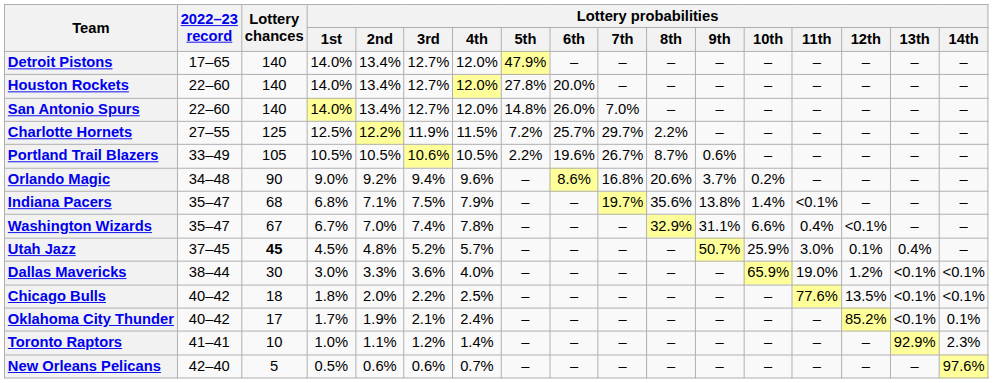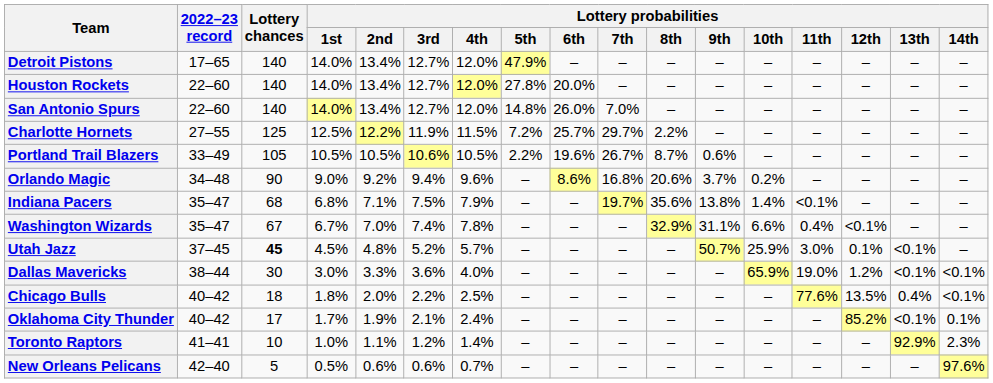 <table class="wikitable plainrowheaders" style="text-align:center">
 <tr>
 <th scope="col" rowspan="2">Team</th>
 <th scope="col" rowspan="2"><a href='#'>2022–23<br>record</a></th>
 <th scope="col" rowspan="2">Lottery<br>chances</th>
 <th scope="col" colspan="14">Lottery probabilities</th>
 </tr>
 <tr>
 <th>1st</th>
 <th>2nd</th>
 <th>3rd</th>
 <th>4th</th>
 <th>5th</th>
 <th>6th</th>
 <th>7th</th>
 <th>8th</th>
 <th>9th</th>
 <th>10th</th>
 <th>11th</th>
 <th>12th</th>
 <th>13th</th>
 <th>14th</th>
 </tr>
 <tr>
 <th scope="row" style="text-align:left;"><a href='#'>Detroit Pistons</a></th>
 <td>17–65</td>
 <td>140</td>
 <td>14.0%</td>
 <td>13.4%</td>
 <td>12.7%</td>
 <td>12.0%</td>
 <td style="background:#ff9;">47.9%</td>
 <td>–</td>
 <td>–</td>
 <td>–</td>
 <td>–</td>
 <td>–</td>
 <td>–</td>
 <td>–</td>
 <td>–</td>
 <td>–</td>
 </tr>
 <tr>
 <th scope="row" style="text-align:left;"><a href='#'>Houston Rockets</a></th>
 <td>22–60</td>
 <td>140</td>
 <td>14.0%</td>
 <td>13.4%</td>
 <td>12.7%</td>
 <td style="background:#ff9;">12.0%</td>
 <td>27.8%</td>
 <td>20.0%</td>
 <td>–</td>
 <td>–</td>
 <td>–</td>
 <td>–</td>
 <td>–</td>
 <td>–</td>
 <td>–</td>
 <td>–</td>
 </tr>
 <tr>
 <th scope="row" style="text-align:left;"><a href='#'>San Antonio Spurs</a></th>
 <td>22–60</td>
 <td>140</td>
 <td style="background:#ff9;">14.0%</td>
 <td>13.4%</td>
 <td>12.7%</td>
 <td>12.0%</td>
 <td>14.8%</td>
 <td>26.0%</td>
 <td>7.0%</td>
 <td>–</td>
 <td>–</td>
 <td>–</td>
 <td>–</td>
 <td>–</td>
 <td>–</td>
 <td>–</td>
 </tr>
 <tr>
 <th scope="row" style="text-align:left;"><a href='#'>Charlotte Hornets</a></th>
 <td>27–55</td>
 <td>125</td>
 <td>12.5%</td>
 <td style="background:#ff9;">12.2%</td>
 <td>11.9%</td>
 <td>11.5%</td>
 <td>7.2%</td>
 <td>25.7%</td>
 <td>29.7%</td>
 <td>2.2%</td>
 <td>–</td>
 <td>–</td>
 <td>–</td>
 <td>–</td>
 <td>–</td>
 <td>–</td>
 </tr>
 <tr>
 <th scope="row" style="text-align:left;"><a href='#'>Portland Trail Blazers</a></th>
 <td>33–49</td>
 <td>105</td>
 <td>10.5%</td>
 <td>10.5%</td>
 <td style="background:#ff9;">10.6%</td>
 <td>10.5%</td>
 <td>2.2%</td>
 <td>19.6%</td>
 <td>26.7%</td>
 <td>8.7%</td>
 <td>0.6%</td>
 <td>–</td>
 <td>–</td>
 <td>–</td>
 <td>–</td>
 <td>–</td>
 </tr>
 <tr>
 <th scope="row" style="text-align:left;"><a href='#'>Orlando Magic</a></th>
 <td>34–48</td>
 <td>90</td>
 <td>9.0%</td>
 <td>9.2%</td>
 <td>9.4%</td>
 <td>9.6%</td>
 <td>–</td>
 <td style="background:#ff9;">8.6%</td>
 <td>16.8%</td>
 <td>20.6%</td>
 <td>3.7%</td>
 <td>0.2%</td>
 <td>–</td>
 <td>–</td>
 <td>–</td>
 <td>–</td>
 </tr>
 <tr>
 <th scope="row" style="text-align:left;"><a href='#'>Indiana Pacers</a></th>
 <td>35–47</td>
 <td>68</td>
 <td>6.8%</td>
 <td>7.1%</td>
 <td>7.5%</td>
 <td>7.9%</td>
 <td>–</td>
 <td>–</td>
 <td style="background:#ff9;">19.7%</td>
 <td>35.6%</td>
 <td>13.8%</td>
 <td>1.4%</td>
 <td><0.1%</td>
 <td>–</td>
 <td>–</td>
 <td>–</td>
 </tr>
 <tr>
 <th scope="row" style="text-align:left;"><a href='#'>Washington Wizards</a></th>
 <td>35–47</td>
 <td>67</td>
 <td>6.7%</td>
 <td>7.0%</td>
 <td>7.4%</td>
 <td>7.8%</td>
 <td>–</td>
 <td>–</td>
 <td>–</td>
 <td style="background:#ff9;">32.9%</td>
 <td>31.1%</td>
 <td>6.6%</td>
 <td>0.4%</td>
 <td><0.1%</td>
 <td>–</td>
 <td>–</td>
 </tr>
 <tr>
 <th scope="row" style="text-align:left;"><a href='#'>Utah Jazz</a></th>
 <td>37–45</td>
 <td><strong>45</strong></td>
 <td>4.5%</td>
 <td>4.8%</td>
 <td>5.2%</td>
 <td>5.7%</td>
 <td>–</td>
 <td>–</td>
 <td>–</td>
 <td>–</td>
 <td style="background:#ff9;">50.7%</td>
 <td>25.9%</td>
 <td>3.0%</td>
 <td>0.1%</td>
-<td>0.4%</td>
+<td><0.1%</td>
 <td>–</td>
 </tr>
 <tr>
 <th scope="row" style="text-align:left;"><a href='#'>Dallas Mavericks</a></th>
 <td>38–44</td>
 <td>30</td>
 <td>3.0%</td>
 <td>3.3%</td>
 <td>3.6%</td>
 <td>4.0%</td>
 <td>–</td>
 <td>–</td>
 <td>–</td>
 <td>–</td>
 <td>–</td>
 <td style="background:#ff9;">65.9%</td>
 <td>19.0%</td>
 <td>1.2%</td>
 <td><0.1%</td>
 <td><0.1%</td>
 </tr>
 <tr>
 <th scope="row" style="text-align:left;"><a href='#'>Chicago Bulls</a></th>
 <td>40–42</td>
 <td>18</td>
 <td>1.8%</td>
 <td>2.0%</td>
 <td>2.2%</td>
 <td>2.5%</td>
 <td>–</td>
 <td>–</td>
 <td>–</td>
 <td>–</td>
 <td>–</td>
 <td>–</td>
 <td style="background:#ff9;">77.6%</td>
 <td>13.5%</td>
-<td><0.1%</td>
+<td>0.4%</td>
 <td><0.1%</td>
 </tr>
 <tr>
 <th scope="row" style="text-align:left;"><a href='#'>Oklahoma City Thunder</a></th>
 <td>40–42</td>
 <td>17</td>
 <td>1.7%</td>
 <td>1.9%</td>
 <td>2.1%</td>
 <td>2.4%</td>
 <td>–</td>
 <td>–</td>
 <td>–</td>
 <td>–</td>
 <td>–</td>
 <td>–</td>
 <td>–</td>
 <td style="background:#ff9;">85.2%</td>
 <td><0.1%</td>
 <td>0.1%</td>
 </tr>
 <tr>
 <th scope="row" style="text-align:left;"><a href='#'>Toronto Raptors</a></th>
 <td>41–41</td>
 <td>10</td>
 <td>1.0%</td>
 <td>1.1%</td>
 <td>1.2%</td>
 <td>1.4%</td>
 <td>–</td>
 <td>–</td>
 <td>–</td>
 <td>–</td>
 <td>–</td>
 <td>–</td>
 <td>–</td>
 <td>–</td>
 <td style="background:#ff9;">92.9%</td>
 <td>2.3%</td>
 </tr>
 <tr>
 <th scope="row" style="text-align:left;"><a href='#'>New Orleans Pelicans</a></th>
 <td>42–40</td>
 <td>5</td>
 <td>0.5%</td>
 <td>0.6%</td>
 <td>0.6%</td>
 <td>0.7%</td>
 <td>–</td>
 <td>–</td>
 <td>–</td>
 <td>–</td>
 <td>–</td>
 <td>–</td>
 <td>–</td>
 <td>–</td>
 <td>–</td>
 <td style="background:#ff9;">97.6%</td>
 </tr>
 </table>
